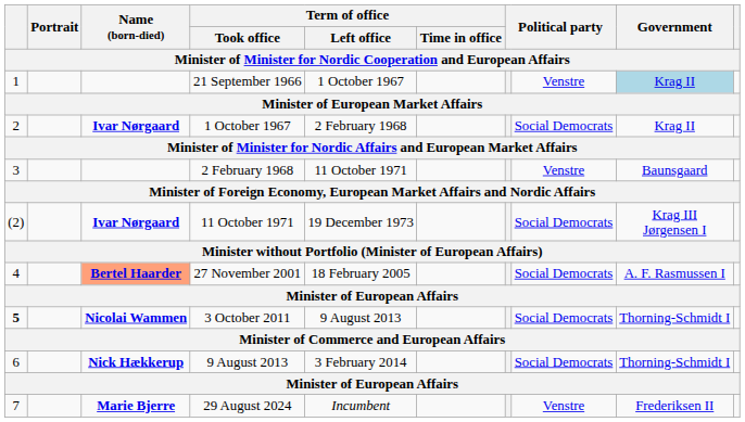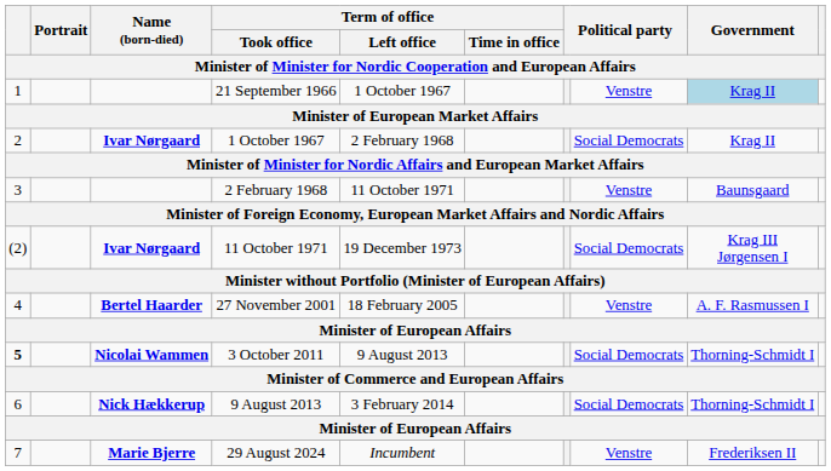 <table class="wikitable" style="text-align:center;">
 <tr>
 <th rowspan=2></th>
 <th rowspan=2>Portrait</th>
 <th rowspan=2>Name<br><small>(born-died)</small></th>
 <th colspan=3>Term of office</th>
 <th colspan=2 rowspan=2>Political party</th>
 <th rowspan=2>Government</th>
 <th rowspan=2></th>
 </tr>
 <tr>
 <th>Took office</th>
 <th>Left office</th>
 <th>Time in office</th>
 </tr>
 <tr>
 <th colspan=10>Minister of <a href='#'>Minister for Nordic Cooperation</a> and European Affairs<br></th>
 </tr>
 <tr>
 <td>1</td>
 <td></td>
 <td><strong></strong><br></td>
 <td>21 September 1966</td>
 <td>1 October 1967</td>
 <td></td>
 <th style="background:"></th>
 <td><a href='#'>Venstre</a></td>
 <td style="background: lightblue;"><a href='#'>Krag II</a></td>
 <td></td>
 </tr>
 <tr>
 <th colspan=10>Minister of European Market Affairs<br></th>
 </tr>
 <tr>
 <td>2</td>
 <td></td>
 <td><strong><a href='#'>Ivar Nørgaard</a></strong><br></td>
 <td>1 October 1967</td>
 <td>2 February 1968</td>
 <td></td>
 <th style="background:"></th>
 <td><a href='#'>Social Democrats</a></td>
 <td><a href='#'>Krag II</a></td>
 <td></td>
 </tr>
 <tr>
 <th colspan=10>Minister of <a href='#'>Minister for Nordic Affairs</a> and European Market Affairs<br></th>
 </tr>
 <tr>
 <td>3</td>
 <td></td>
 <td><strong></strong><br></td>
 <td>2 February 1968</td>
 <td>11 October 1971</td>
 <td></td>
 <th style="background:"></th>
 <td><a href='#'>Venstre</a></td>
 <td><a href='#'>Baunsgaard</a></td>
 <td></td>
 </tr>
 <tr>
 <th colspan=10>Minister of Foreign Economy, European Market Affairs and Nordic Affairs<br></th>
 </tr>
 <tr>
 <td>(2)</td>
 <td></td>
 <td><strong><a href='#'>Ivar Nørgaard</a></strong><br></td>
 <td>11 October 1971</td>
 <td>19 December 1973</td>
 <td></td>
 <th style="background:"></th>
 <td><a href='#'>Social Democrats</a></td>
 <td><a href='#'>Krag III</a><br><a href='#'>Jørgensen I</a></td>
 <td></td>
 </tr>
 <tr>
 <th colspan=10>Minister without Portfolio (Minister of European Affairs)<br></th>
 </tr>
 <tr>
 <td>4</td>
 <td></td>
-<td style="background: lightsalmon;"><strong><a href='#'>Bertel Haarder</a></strong><br></td>
+<td><strong><a href='#'>Bertel Haarder</a></strong><br></td>
 <td>27 November 2001</td>
 <td>18 February 2005</td>
 <td></td>
 <th style="background:"></th>
-<td><a href='#'>Social Democrats</a></td>
+<td><a href='#'>Venstre</a></td>
 <td><a href='#'>A. F. Rasmussen I</a></td>
 <td></td>
 </tr>
 <tr>
 <th colspan=10>Minister of European Affairs<br></th>
 </tr>
 <tr>
 <td><strong>5</strong></td>
 <td></td>
 <td><strong><a href='#'>Nicolai Wammen</a></strong><br></td>
 <td>3 October 2011</td>
 <td>9 August 2013</td>
 <td></td>
 <th style="background:"></th>
 <td><a href='#'>Social Democrats</a></td>
 <td><a href='#'>Thorning-Schmidt I</a></td>
 <td></td>
 </tr>
 <tr>
 <th colspan=10>Minister of Commerce and European Affairs <br></th>
 </tr>
 <tr>
 <td>6</td>
 <td></td>
 <td><strong><a href='#'>Nick Hækkerup</a></strong><br></td>
 <td>9 August 2013</td>
 <td>3 February 2014</td>
 <td></td>
 <th style="background:"></th>
 <td><a href='#'>Social Democrats</a></td>
 <td><a href='#'>Thorning-Schmidt I</a></td>
 <td></td>
 </tr>
 <tr>
 <th colspan=10>Minister of European Affairs<br></th>
 </tr>
 <tr>
 <td>7</td>
 <td></td>
 <td><strong><a href='#'>Marie Bjerre</a></strong><br></td>
 <td>29 August 2024</td>
 <td><em>Incumbent</em></td>
 <td></td>
 <th style="background:"></th>
 <td><a href='#'>Venstre</a></td>
 <td><a href='#'>Frederiksen II</a></td>
 <td></td>
 </tr>
 </table>
